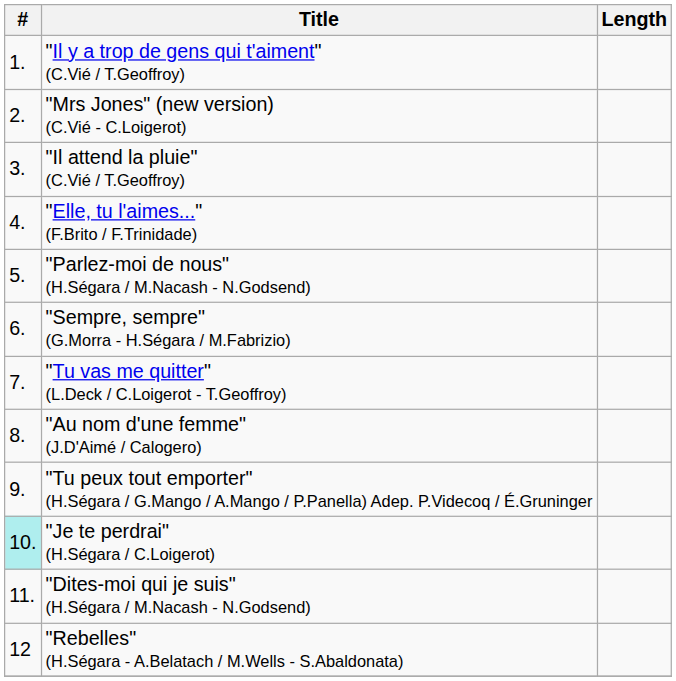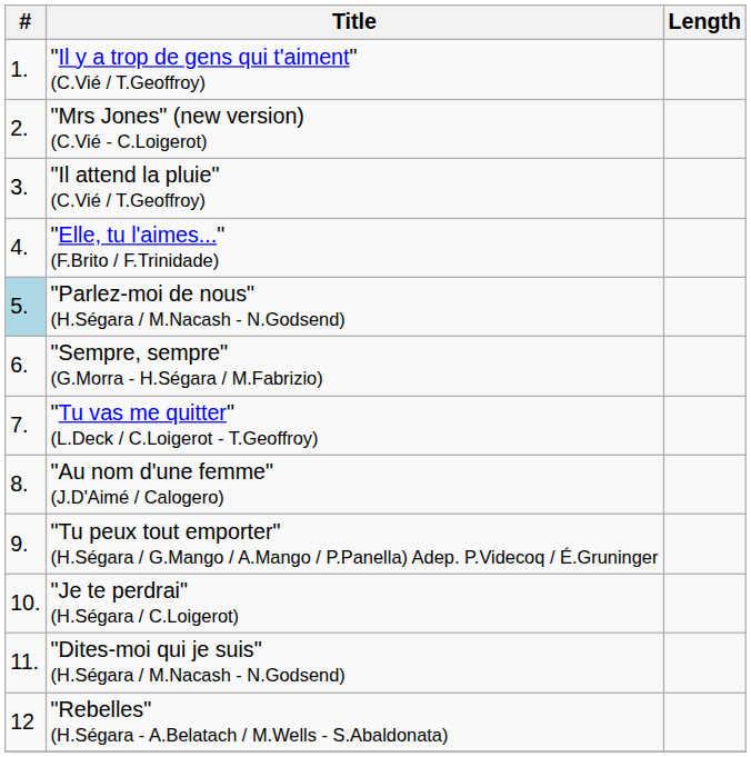 <table class="wikitable" size=80%>
 <tr>
 <th>#</th>
 <th>Title</th>
 <th>Length</th>
 </tr>
 <tr>
 <td>1.</td>
 <td>"<a href='#'>Il y a trop de gens qui t'aiment</a>" <br><small>(C.Vié / T.Geoffroy)</small></td>
 <td></td>
 </tr>
 <tr>
 <td>2.</td>
 <td>"Mrs Jones" (new version) <br><small>(C.Vié - C.Loigerot)</small></td>
 <td></td>
 </tr>
 <tr>
 <td>3.</td>
 <td>"Il attend la pluie" <br><small>(C.Vié / T.Geoffroy)</small></td>
 <td></td>
 </tr>
 <tr>
 <td>4.</td>
 <td>"<a href='#'>Elle, tu l'aimes...</a>" <br><small>(F.Brito / F.Trinidade)</small></td>
 <td></td>
 </tr>
 <tr>
-<td>5.</td>
+<td style="background: lightblue;">5.</td>
 <td>"Parlez-moi de nous" <br><small>(H.Ségara / M.Nacash - N.Godsend)</small></td>
 <td></td>
 </tr>
 <tr>
 <td>6.</td>
 <td>"Sempre, sempre" <br><small>(G.Morra - H.Ségara / M.Fabrizio)</small></td>
 <td></td>
 </tr>
 <tr>
 <td>7.</td>
 <td>"<a href='#'>Tu vas me quitter</a>" <br><small>(L.Deck / C.Loigerot - T.Geoffroy)</small></td>
 <td></td>
 </tr>
 <tr>
 <td>8.</td>
 <td>"Au nom d'une femme" <br><small>(J.D'Aimé / Calogero)</small></td>
 <td></td>
 </tr>
 <tr>
 <td>9.</td>
 <td>"Tu peux tout emporter" <br><small>(H.Ségara / G.Mango / A.Mango / P.Panella) Adep. P.Videcoq / É.Gruninger</small></td>
 <td></td>
 </tr>
 <tr>
-<td style="background: paleturquoise;">10.</td>
+<td>10.</td>
 <td>"Je te perdrai" <br><small>(H.Ségara / C.Loigerot)</small></td>
 <td></td>
 </tr>
 <tr>
 <td>11.</td>
 <td>"Dites-moi qui je suis" <br><small>(H.Ségara / M.Nacash - N.Godsend)</small></td>
 <td></td>
 </tr>
 <tr>
 <td>12</td>
 <td>"Rebelles" <br><small>(H.Ségara - A.Belatach / M.Wells - S.Abaldonata)</small></td>
 <td></td>
 </tr>
 <tr>
 </tr>
 </table>
